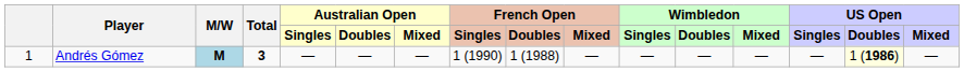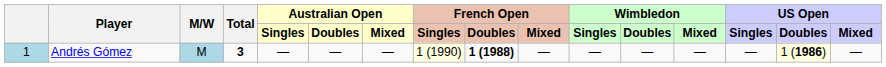 <table class="wikitable mw-datatable sortable" style="text-align:center;">
 <tr>
 <th data-sort-type="number" width="5%" rowspan="2"></th>
 <th width="15%" rowspan="2">Player</th>
 <th width="5%"  rowspan="2">M/W</th>
 <th rowspan="2">Total</th>
 <th colspan="3" style="background:#ffc;">Australian Open</th>
 <th colspan="3" style="background:#ebc2af;">French Open</th>
 <th colspan="3" style="background:#cfc;">Wimbledon</th>
 <th colspan="3" style="background:#ccf;">US Open</th>
 </tr>
 <tr>
 <th style="background:#ffc; width:60px;">Singles</th>
 <th style="background:#ffc; width:60px;">Doubles</th>
 <th style="background:#ffc; width:60px;">Mixed</th>
 <th style="background:#ebc2af; width:60px;">Singles</th>
 <th style="background:#ebc2af; width:60px;">Doubles</th>
 <th style="background:#ebc2af; width:60px;">Mixed</th>
 <th style="background:#cfc; width:60px;">Singles</th>
 <th style="background:#cfc; width:60px;">Doubles</th>
 <th style="background:#cfc; width:60px;">Mixed</th>
 <th style="background:#ccf; width:60px;">Singles</th>
 <th style="background:#ccf; width:60px;">Doubles</th>
 <th style="background:#ccf; width:60px;">Mixed</th>
 </tr>
 <tr>
-<td>1</td>
+<td style="background: lightblue;">1</td>
 <td style="text-align:left"><a href='#'>Andrés Gómez</a></td>
-<td style="background:lightblue;"><strong>M</strong></td>
+<td style="background:lightblue;">M</td>
 <td><strong>3</strong></td>
 <td>—</td>
 <td>—</td>
 <td>—</td>
-<td>1 (1990)</td>
-<td>1 (1988)</td>
+<td style="background: lightyellow;">1 (1990)</td>
+<td><strong>1 (1988)</strong></td>
 <td>—</td>
 <td>—</td>
 <td>—</td>
 <td>—</td>
 <td>—</td>
 <td style="background: lightyellow;">1 (<strong>1986</strong>)</td>
 <td>—</td>
 </tr>
 </table>
